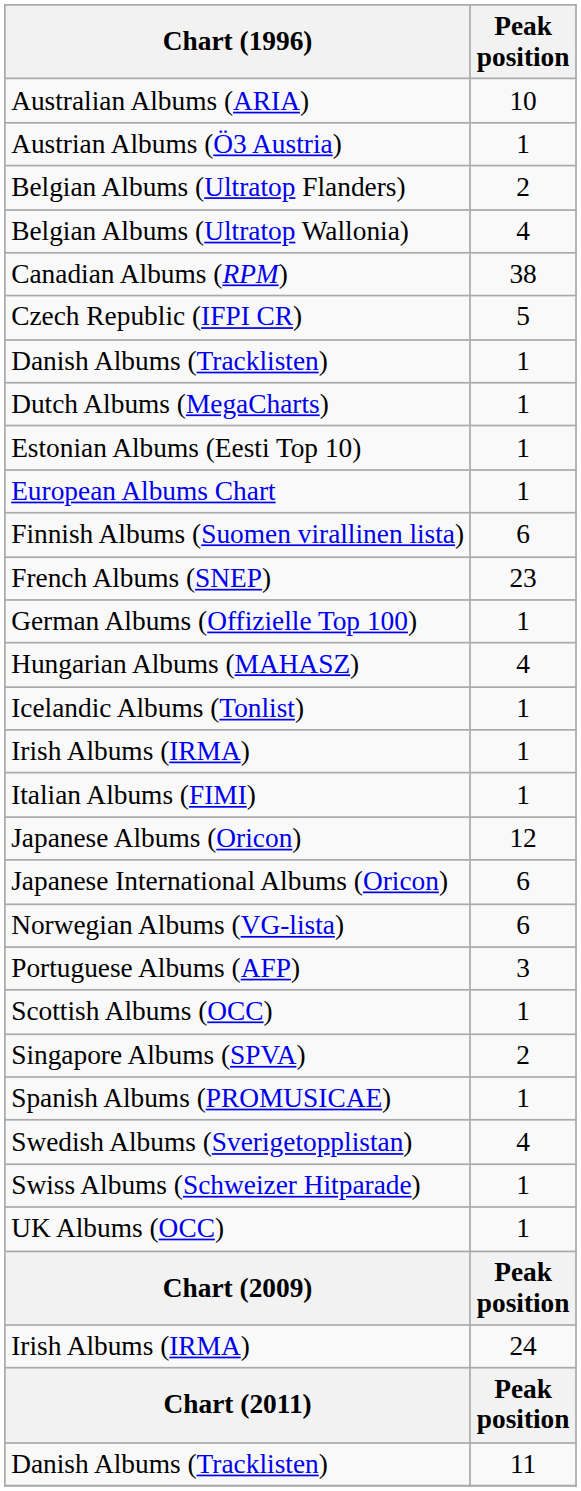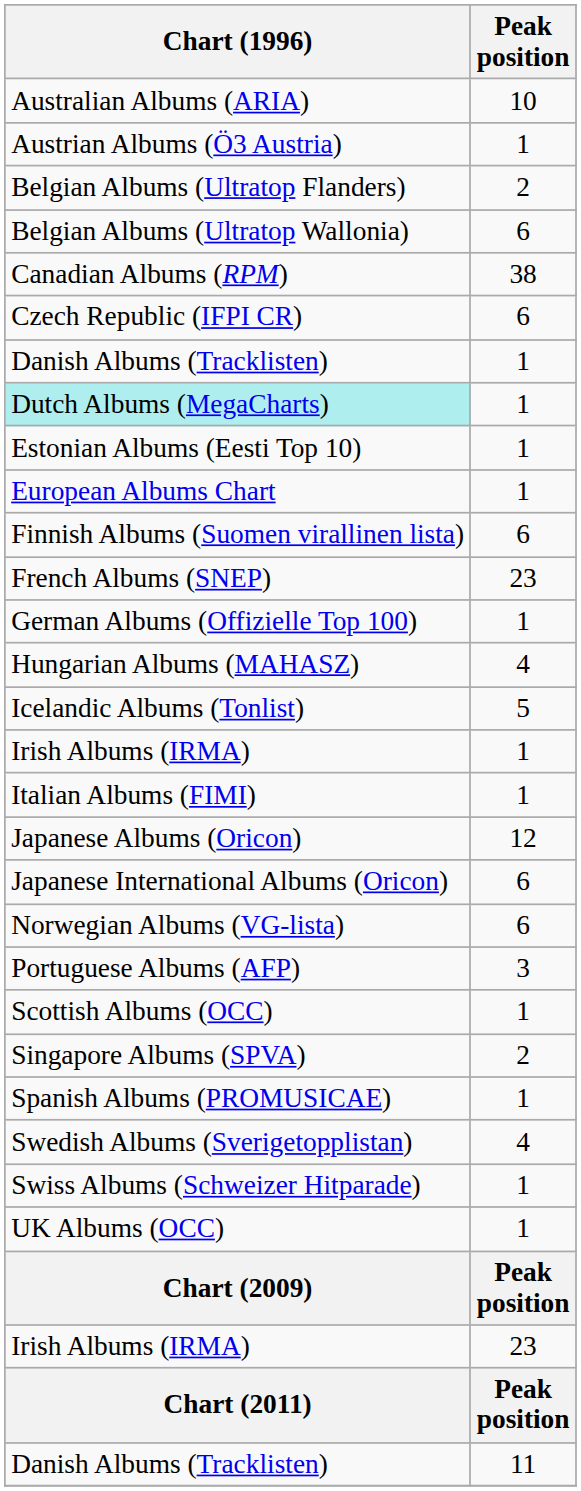 <table class="wikitable sortable">
 <tr>
 <th>Chart (1996)</th>
 <th>Peak<br>position</th>
 </tr>
 <tr>
 <td>Australian Albums (<a href='#'>ARIA</a>)</td>
 <td align="center">10</td>
 </tr>
 <tr>
 <td>Austrian Albums (<a href='#'>Ö3 Austria</a>)</td>
 <td align="center">1</td>
 </tr>
 <tr>
 <td>Belgian Albums (<a href='#'>Ultratop</a> Flanders)</td>
 <td align="center">2</td>
 </tr>
 <tr>
 <td>Belgian Albums (<a href='#'>Ultratop</a> Wallonia)</td>
-<td align="center">4</td>
+<td align="center">6</td>
 </tr>
 <tr>
 <td>Canadian Albums (<em><a href='#'>RPM</a></em>)</td>
 <td align="center">38</td>
 </tr>
 <tr>
 <td>Czech Republic (<a href='#'>IFPI CR</a>)</td>
-<td style="text-align:center;">5</td>
+<td style="text-align:center;">6</td>
 </tr>
 <tr>
 <td>Danish Albums (<a href='#'>Tracklisten</a>)</td>
 <td align="center">1</td>
 </tr>
 <tr>
-<td>Dutch Albums (<a href='#'>MegaCharts</a>)</td>
+<td style="background: paleturquoise;">Dutch Albums (<a href='#'>MegaCharts</a>)</td>
 <td align="center">1</td>
 </tr>
 <tr>
 <td>Estonian Albums (Eesti Top 10)</td>
 <td align="center">1</td>
 </tr>
 <tr>
 <td><a href='#'>European Albums Chart</a></td>
 <td align="center">1</td>
 </tr>
 <tr>
 <td>Finnish Albums (<a href='#'>Suomen virallinen lista</a>)</td>
 <td align="center">6</td>
 </tr>
 <tr>
 <td>French Albums (<a href='#'>SNEP</a>)</td>
 <td align="center">23</td>
 </tr>
 <tr>
 <td>German Albums (<a href='#'>Offizielle Top 100</a>)</td>
 <td align="center">1</td>
 </tr>
 <tr>
 <td>Hungarian Albums (<a href='#'>MAHASZ</a>)</td>
 <td align="center">4</td>
 </tr>
 <tr>
 <td>Icelandic Albums (<a href='#'>Tonlist</a>)</td>
-<td align="center">1</td>
+<td align="center">5</td>
 </tr>
 <tr>
 <td>Irish Albums (<a href='#'>IRMA</a>)</td>
 <td align="center">1</td>
 </tr>
 <tr>
 <td>Italian Albums (<a href='#'>FIMI</a>)</td>
 <td align="center">1</td>
 </tr>
 <tr>
 <td>Japanese Albums (<a href='#'>Oricon</a>)</td>
 <td align="center">12</td>
 </tr>
 <tr>
 <td>Japanese International Albums (<a href='#'>Oricon</a>)</td>
 <td align="center">6</td>
 </tr>
 <tr>
 <td>Norwegian Albums (<a href='#'>VG-lista</a>)</td>
 <td align="center">6</td>
 </tr>
 <tr>
 <td>Portuguese Albums (<a href='#'>AFP</a>)</td>
 <td align="center">3</td>
 </tr>
 <tr>
 <td>Scottish Albums (<a href='#'>OCC</a>)</td>
 <td align="center">1</td>
 </tr>
 <tr>
 <td>Singapore Albums (<a href='#'>SPVA</a>)</td>
 <td align="center">2</td>
 </tr>
 <tr>
 <td>Spanish Albums (<a href='#'>PROMUSICAE</a>)</td>
 <td align="center">1</td>
 </tr>
 <tr>
 <td>Swedish Albums (<a href='#'>Sverigetopplistan</a>)</td>
 <td align="center">4</td>
 </tr>
 <tr>
 <td>Swiss Albums (<a href='#'>Schweizer Hitparade</a>)</td>
 <td align="center">1</td>
 </tr>
 <tr>
 <td>UK Albums (<a href='#'>OCC</a>)</td>
 <td align="center">1</td>
 </tr>
 <tr>
 <th align="left">Chart (2009)</th>
 <th align="left">Peak<br>position</th>
 </tr>
 <tr>
 <td>Irish Albums (<a href='#'>IRMA</a>)</td>
-<td align="center">24</td>
+<td align="center">23</td>
 </tr>
 <tr>
 <th>Chart (2011)</th>
 <th align="left">Peak<br>position</th>
 </tr>
 <tr>
 <td>Danish Albums (<a href='#'>Tracklisten</a>)</td>
 <td align="center">11</td>
 </tr>
 <tr>
 </tr>
 </table>
